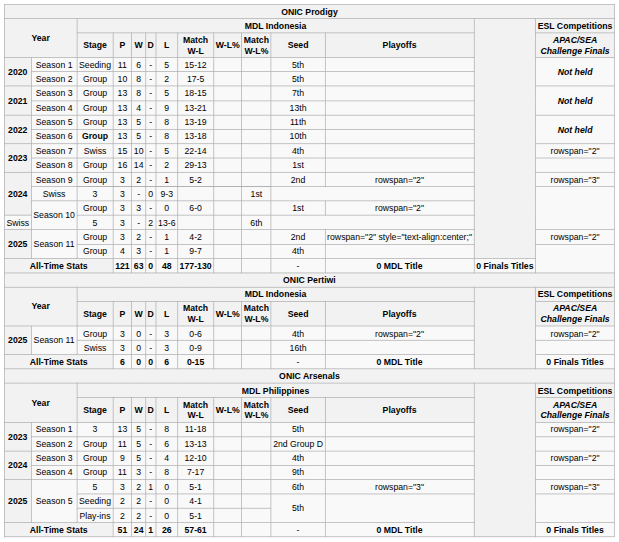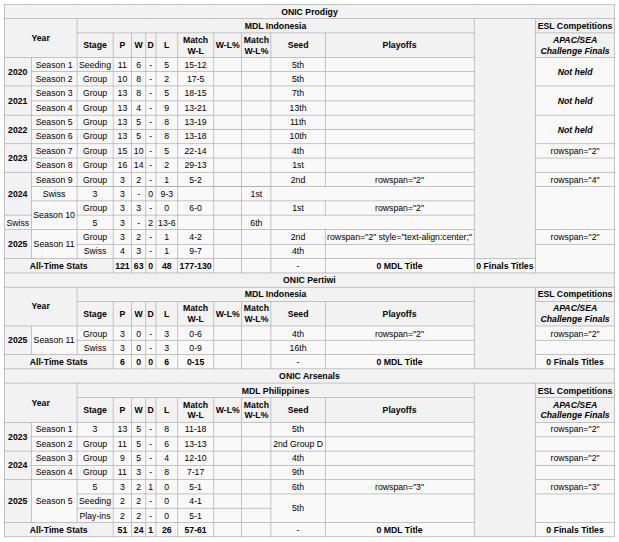 <table class="wikitable" style="font-size:80%; text-align:center;">
 <tr>
 <th colspan="14"> ONIC Prodigy</th>
 </tr>
 <tr>
 <th colspan="2" rowspan="2">Year</th>
 <th colspan="10">MDL Indonesia</th>
 <th rowspan="17"></th>
 <th>ESL Competitions</th>
 </tr>
 <tr>
 <th>Stage</th>
 <th>P</th>
 <th>W</th>
 <th>D</th>
 <th>L</th>
 <th>Match <br> W-L</th>
 <th>W-L%</th>
 <th>Match <br> W-L%</th>
 <th>Seed</th>
 <th>Playoffs</th>
 <th><em>APAC/SEA <br> Challenge Finals</em></th>
 </tr>
 <tr>
 <th rowspan="2">2020</th>
 <td>Season 1</td>
 <td>Seeding</td>
 <td>11</td>
 <td>6</td>
 <td>-</td>
 <td>5</td>
 <td>15-12</td>
 <td></td>
 <td></td>
 <td>5th</td>
 <td></td>
 <td rowspan="2" style="text-align:center;"><strong><em>Not held</em></strong></td>
 </tr>
 <tr>
 <td>Season 2</td>
 <td style="text-align:center;">Group</td>
 <td>10</td>
 <td>8</td>
 <td>-</td>
 <td>2</td>
 <td>17-5</td>
 <td></td>
 <td></td>
 <td>5th</td>
 <td></td>
 </tr>
 <tr>
 <th rowspan="2">2021</th>
 <td>Season 3</td>
 <td style="text-align:center;">Group</td>
 <td>13</td>
 <td>8</td>
 <td>-</td>
 <td>5</td>
 <td>18-15</td>
 <td></td>
 <td></td>
 <td>7th</td>
 <td></td>
 <td rowspan="2" style="text-align:center;"><strong><em>Not held</em></strong></td>
 </tr>
 <tr>
 <td>Season 4</td>
 <td style="text-align:center;">Group</td>
 <td>13</td>
 <td>4</td>
 <td>-</td>
 <td>9</td>
 <td>13-21</td>
 <td></td>
 <td></td>
 <td>13th</td>
 <td></td>
 </tr>
 <tr>
 <th rowspan="2">2022</th>
 <td>Season 5</td>
 <td style="text-align:center;">Group</td>
 <td>13</td>
 <td>5</td>
 <td>-</td>
 <td>8</td>
 <td>13-19</td>
 <td></td>
 <td></td>
 <td>11th</td>
 <td></td>
 <td rowspan="2" style="text-align:center;"><strong><em>Not held</em></strong></td>
 </tr>
 <tr>
 <td>Season 6</td>
-<td style="text-align:center;"><strong>Group</strong></td>
+<td style="text-align:center;">Group</td>
 <td>13</td>
 <td>5</td>
 <td>-</td>
 <td>8</td>
 <td>13-18</td>
 <td></td>
 <td></td>
 <td>10th</td>
 <td></td>
 </tr>
 <tr>
 <th rowspan="2">2023</th>
 <td>Season 7</td>
-<td style="text-align:center;">Swiss</td>
+<td style="text-align:center;">Group</td>
 <td>15</td>
 <td>10</td>
 <td>-</td>
 <td>5</td>
 <td>22-14</td>
 <td></td>
 <td></td>
 <td>4th</td>
 <td></td>
 <td>rowspan="2" </td>
 </tr>
 <tr>
 <td>Season 8</td>
 <td style="text-align:center;">Group</td>
 <td>16</td>
 <td>14</td>
 <td>-</td>
 <td>2</td>
 <td>29-13</td>
 <td></td>
 <td></td>
 <td>1st</td>
 <td></td>
 </tr>
 <tr>
 <th rowspan="4">2024</th>
 <td rowspan="2">Season 9</td>
 <td style="text-align:center;">Group</td>
 <td>3</td>
 <td>2</td>
 <td>-</td>
 <td>1</td>
 <td>5-2</td>
 <td></td>
 <td></td>
 <td>2nd</td>
 <td>rowspan="2" </td>
-<td>rowspan="3" </td>
+<td>rowspan="4" </td>
 </tr>
 <tr>
 </tr>
 <tr>
 <td style="text-align:center;">Swiss</td>
 <td>3</td>
 <td>3</td>
 <td>-</td>
 <td>0</td>
 <td>9-3</td>
 <td></td>
 <td></td>
 <td>1st</td>
 </tr>
 <tr>
 <td rowspan="2">Season 10</td>
 <td style="text-align:center;">Group</td>
 <td>3</td>
 <td>3</td>
 <td>-</td>
 <td>0</td>
 <td>6-0</td>
 <td></td>
 <td></td>
 <td>1st</td>
 <td>rowspan="2" </td>
 </tr>
 <tr>
 <td style="text-align:center;">Swiss</td>
 <td>5</td>
 <td>3</td>
 <td>-</td>
 <td>2</td>
 <td>13-6</td>
 <td></td>
 <td></td>
 <td>6th</td>
 </tr>
 <tr>
 <th rowspan="2">2025</th>
 <td rowspan="2">Season 11</td>
 <td style="text-align:center;">Group</td>
 <td>3</td>
 <td>2</td>
 <td>-</td>
 <td>1</td>
 <td>4-2</td>
 <td></td>
 <td></td>
 <td>2nd</td>
 <td>rowspan="2" style="text-align:center;" </td>
 <td>rowspan="2"</td>
 </tr>
 <tr>
-<td style="text-align:center;">Group</td>
+<td style="text-align:center;">Swiss</td>
 <td>4</td>
 <td>3</td>
 <td>-</td>
 <td>1</td>
 <td>9-7</td>
 <td></td>
 <td></td>
 <td>4th</td>
 </tr>
 <tr>
 <th colspan="3">All-Time Stats</th>
 <td style="text-align:center;"><strong>121</strong></td>
 <td style="text-align:center;"><strong>63</strong></td>
 <td style="text-align:center;"><strong>0</strong></td>
 <td style="text-align:center;"><strong>48</strong></td>
 <td style="text-align:center;"><strong>177-130</strong></td>
 <td style="text-align:center;"></td>
 <td style="text-align:center;"></td>
 <td style="text-align:center;">-</td>
 <td style="text-align:center;"><strong>0 MDL Title</strong></td>
 <td style="text-align:center;"><strong>0 Finals Titles</strong></td>
 </tr>
 <tr>
 <th colspan="14"> ONIC Pertiwi</th>
 </tr>
 <tr>
 <th colspan="2" rowspan="2">Year</th>
 <th colspan="10">MDL Indonesia</th>
 <th rowspan="5"></th>
 <th>ESL Competitions</th>
 </tr>
 <tr>
 <th>Stage</th>
 <th>P</th>
 <th>W</th>
 <th>D</th>
 <th>L</th>
 <th>Match <br> W-L</th>
 <th>W-L%</th>
 <th>Match <br> W-L%</th>
 <th>Seed</th>
 <th>Playoffs</th>
 <th><em>APAC/SEA <br> Challenge Finals</em></th>
 </tr>
 <tr>
 <th rowspan="2">2025</th>
 <td rowspan="2">Season 11</td>
 <td style="text-align:center;">Group</td>
 <td>3</td>
 <td>0</td>
 <td>-</td>
 <td>3</td>
 <td>0-6</td>
 <td></td>
 <td></td>
 <td>4th</td>
 <td>rowspan="2" </td>
 <td>rowspan="2" </td>
 </tr>
 <tr>
 <td style="text-align:center;">Swiss</td>
 <td>3</td>
 <td>0</td>
 <td>-</td>
 <td>3</td>
 <td>0-9</td>
 <td></td>
 <td></td>
 <td>16th</td>
 </tr>
 <tr>
 <th colspan="3">All-Time Stats</th>
 <td><strong>6</strong></td>
 <td><strong>0</strong></td>
 <td><strong>0</strong></td>
 <td><strong>6</strong></td>
 <td><strong>0-15</strong></td>
 <td></td>
 <td></td>
 <td>-</td>
 <td style="text-align:center;"><strong>0 MDL Title</strong></td>
 <td style="text-align:center;"><strong>0 Finals Titles</strong></td>
 </tr>
 <tr>
 <th colspan="14"> ONIC Arsenals</th>
 </tr>
 <tr>
 <th colspan="2" rowspan="2">Year</th>
 <th colspan="10">MDL Philippines</th>
 <th rowspan="10"></th>
 <th>ESL Competitions</th>
 </tr>
 <tr>
 <th>Stage</th>
 <th>P</th>
 <th>W</th>
 <th>D</th>
 <th>L</th>
 <th>Match <br> W-L</th>
 <th>W-L%</th>
 <th>Match <br> W-L%</th>
 <th>Seed</th>
 <th>Playoffs</th>
 <th><em>APAC/SEA <br> Challenge Finals</em></th>
 </tr>
 <tr>
 <th rowspan="2">2023</th>
 <td>Season 1</td>
 <td>3</td>
 <td>13</td>
 <td>5</td>
 <td>-</td>
 <td>8</td>
 <td>11-18</td>
 <td></td>
 <td></td>
 <td>5th</td>
 <td></td>
 <td>rowspan="2" </td>
 </tr>
 <tr>
 <td>Season 2</td>
 <td style="text-align:center;">Group</td>
 <td>11</td>
 <td>5</td>
 <td>-</td>
 <td>6</td>
 <td>13-13</td>
 <td></td>
 <td></td>
 <td>2nd Group D</td>
 <td></td>
 </tr>
 <tr>
 <th rowspan="2">2024</th>
 <td>Season 3</td>
 <td style="text-align:center;">Group</td>
 <td>9</td>
 <td>5</td>
 <td>-</td>
 <td>4</td>
 <td>12-10</td>
 <td></td>
 <td></td>
 <td>4th</td>
 <td></td>
 <td>rowspan="2" </td>
 </tr>
 <tr>
 <td>Season 4</td>
 <td style="text-align:center;">Group</td>
 <td>11</td>
 <td>3</td>
 <td>-</td>
 <td>8</td>
 <td>7-17</td>
 <td></td>
 <td></td>
 <td>9th</td>
 <td></td>
 </tr>
 <tr>
 <th rowspan="3">2025</th>
 <td rowspan="3">Season 5</td>
 <td>5</td>
 <td>3</td>
 <td>2</td>
 <td>1</td>
 <td>0</td>
 <td>5-1</td>
 <td></td>
 <td></td>
 <td>6th</td>
 <td>rowspan="3" </td>
 <td>rowspan="3" </td>
 </tr>
 <tr>
 <td>Seeding</td>
 <td>2</td>
 <td>2</td>
 <td>-</td>
 <td>0</td>
 <td>4-1</td>
 <td></td>
 <td></td>
 <td rowspan="2">5th</td>
 </tr>
 <tr>
 <td>Play-ins</td>
 <td>2</td>
 <td>2</td>
 <td>-</td>
 <td>0</td>
 <td>5-1</td>
 <td></td>
 <td></td>
 </tr>
 <tr>
 <th colspan="3">All-Time Stats</th>
 <td><strong>51</strong></td>
 <td><strong>24</strong></td>
 <td><strong>1</strong></td>
 <td><strong>26</strong></td>
 <td><strong>57-61</strong></td>
 <td></td>
 <td></td>
 <td>-</td>
 <td style="text-align:center;"><strong>0 MDL Title</strong></td>
 <td style="text-align:center;"><strong>0 Finals Titles</strong></td>
 </tr>
 </table>
